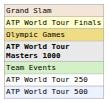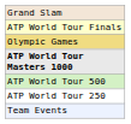 <table class="wikitable"  style="font-size:95%; width:13%;">
 <tr style="background:#f3e6d7;">
 <td>Grand Slam</td>
 </tr>
 <tr style="background:#ffc;">
 <td>ATP World Tour Finals</td>
 </tr>
 <tr style="background:#f0dc82;">
 <td>Olympic Games</td>
 </tr>
 <tr style="background:#e9e9e9;">
 <td><strong>ATP World Tour Masters 1000</strong></td>
 </tr>
 <tr style="background:#d4f1c5;">
-<td>Team Events</td>
+<td>ATP World Tour 500</td>
 </tr>
 <tr style="background:#ffffff;">
 <td>ATP World Tour 250</td>
 </tr>
 <tr style="background:#ecf2ff;">
-<td>ATP World Tour 500</td>
+<td>Team Events</td>
 </tr>
 </table>
